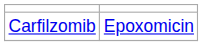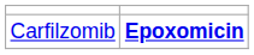 <table align="center"  class="wikitable" style="background-color:white;">
 <tr>
 <td></td>
 <td valign="top"></td>
 </tr>
 <tr>
 <td><a href='#'>Carfilzomib</a></td>
-<td><a href='#'>Epoxomicin</a></td>
+<td><strong><a href='#'>Epoxomicin</a></strong></td>
 </tr>
 <tr>
 </tr>
 </table>
